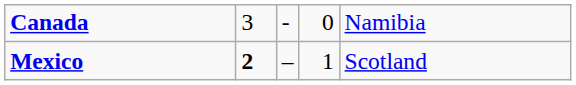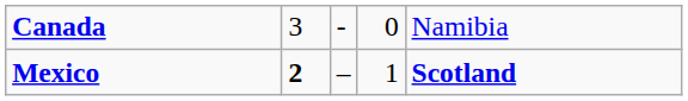 <table class="wikitable">
 <tr>
 <td width=150> <strong><a href='#'>Canada</a></strong></td>
 <td style="width:20px; text-align:left;">3</td>
 <td>-</td>
 <td style="width:20px; text-align:right;">0</td>
 <td width=150> <a href='#'>Namibia</a></td>
 </tr>
 <tr>
 <td> <strong><a href='#'>Mexico</a></strong></td>
 <td style="text-align:left;"><strong>2</strong></td>
 <td>–</td>
 <td style="text-align:right;">1</td>
-<td> <a href='#'>Scotland</a></td>
+<td><strong> <a href='#'>Scotland</a></strong></td>
 </tr>
 </table>
